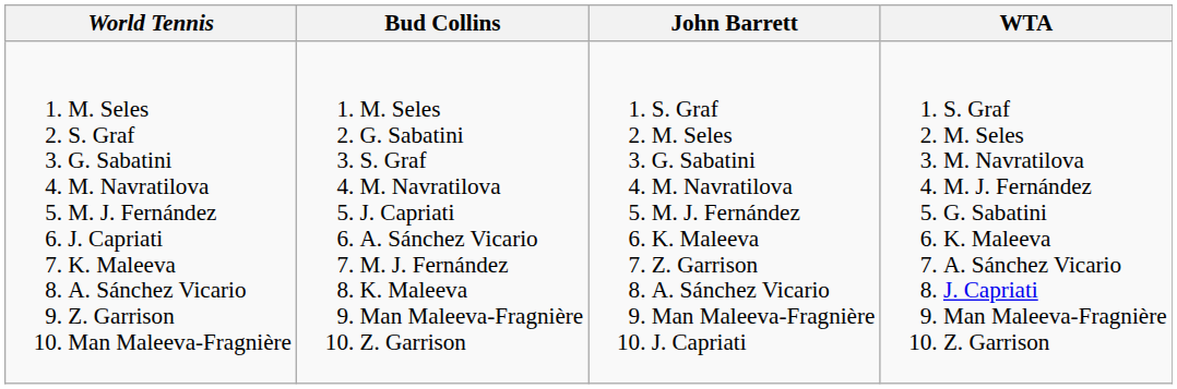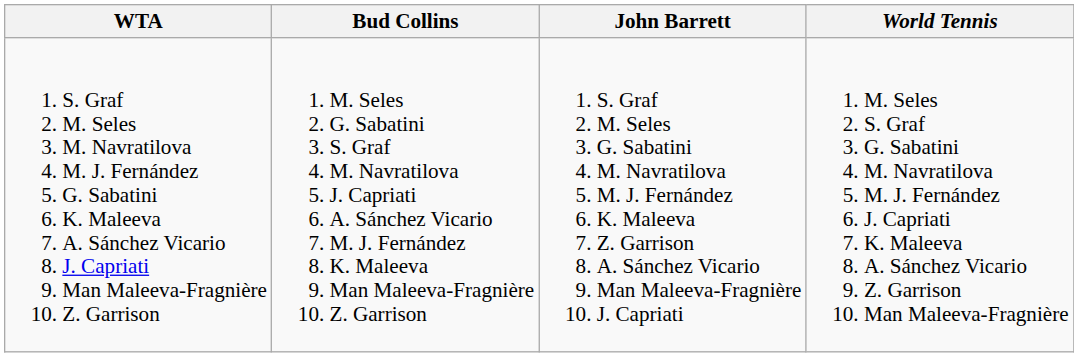 <table class="wikitable">
 <tr>
-<th><em>World Tennis</em></th>
+<th>WTA</th>
 <th>Bud Collins</th>
 <th>John Barrett</th>
-<th>WTA</th>
+<th><em>World Tennis</em></th>
 </tr>
 <tr style="vertical-align: top;">
-<td style="white-space: nowrap;"><br><ol><li> M. Seles</li><li> S. Graf</li><li> G. Sabatini</li><li> M. Navratilova</li><li> M. J. Fernández</li><li> J. Capriati</li><li> K. Maleeva</li><li> A. Sánchez Vicario</li><li> Z. Garrison</li><li> Man Maleeva-Fragnière</li></ol></td>
+<td style="white-space: nowrap;"><br><ol><li> S. Graf</li><li> M. Seles</li><li> M. Navratilova</li><li> M. J. Fernández</li><li> G. Sabatini</li><li> K. Maleeva</li><li> A. Sánchez Vicario</li><li> <a href='#'>J. Capriati</a></li><li> Man Maleeva-Fragnière</li><li> Z. Garrison</li></ol></td>
 <td style="white-space: nowrap;"><br><ol><li> M. Seles</li><li> G. Sabatini</li><li> S. Graf</li><li> M. Navratilova</li><li> J. Capriati</li><li> A. Sánchez Vicario</li><li> M. J. Fernández</li><li> K. Maleeva</li><li> Man Maleeva-Fragnière</li><li> Z. Garrison</li></ol></td>
 <td style="white-space: nowrap;"><br><ol><li> S. Graf</li><li> M. Seles</li><li> G. Sabatini</li><li> M. Navratilova</li><li> M. J. Fernández</li><li> K. Maleeva</li><li> Z. Garrison</li><li> A. Sánchez Vicario</li><li> Man Maleeva-Fragnière</li><li> J. Capriati</li></ol></td>
-<td style="white-space: nowrap;"><br><ol><li> S. Graf</li><li> M. Seles</li><li> M. Navratilova</li><li> M. J. Fernández</li><li> G. Sabatini</li><li> K. Maleeva</li><li> A. Sánchez Vicario</li><li> <a href='#'>J. Capriati</a></li><li> Man Maleeva-Fragnière</li><li> Z. Garrison</li></ol></td>
+<td style="white-space: nowrap;"><br><ol><li> M. Seles</li><li> S. Graf</li><li> G. Sabatini</li><li> M. Navratilova</li><li> M. J. Fernández</li><li> J. Capriati</li><li> K. Maleeva</li><li> A. Sánchez Vicario</li><li> Z. Garrison</li><li> Man Maleeva-Fragnière</li></ol></td>
 </tr>
 </table>
